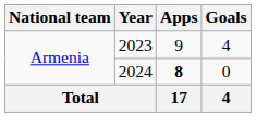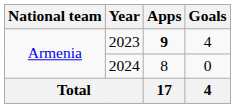 <table class="wikitable" style="text-align:center">
 <tr>
 <th>National team</th>
 <th>Year</th>
 <th>Apps</th>
 <th>Goals</th>
 </tr>
 <tr>
 <td rowspan="2"><a href='#'>Armenia</a></td>
 <td>2023</td>
-<td>9</td>
+<td><strong>9</strong></td>
 <td>4</td>
 </tr>
 <tr>
 <td>2024</td>
-<td><strong>8</strong></td>
+<td>8</td>
 <td>0</td>
 </tr>
 <tr>
 <th colspan="2">Total</th>
 <th>17</th>
 <th>4</th>
 </tr>
 </table>
